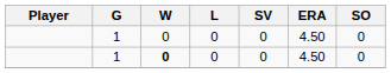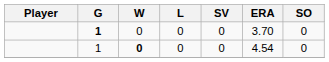 <table class="wikitable sortable">
 <tr>
 <th bgcolor="#DDDDFF" width="16%">Player</th>
 <th bgcolor="#DDDDFF" width="9%">G</th>
 <th bgcolor="#DDDDFF" width="9%">W</th>
 <th bgcolor="#DDDDFF" width="9%">L</th>
 <th bgcolor="#DDDDFF" width="9%">SV</th>
 <th bgcolor="#DDDDFF" width="9%">ERA</th>
 <th bgcolor="#DDDDFF" width="9%">SO</th>
 </tr>
 <tr align="center">
 <td></td>
-<td>1</td>
+<td><strong>1</strong></td>
 <td>0</td>
 <td>0</td>
 <td>0</td>
-<td>4.50</td>
+<td>3.70</td>
 <td>0</td>
 </tr>
 <tr align="center">
 <td></td>
 <td>1</td>
 <td><strong>0</strong></td>
 <td>0</td>
 <td>0</td>
-<td>4.50</td>
+<td>4.54</td>
 <td>0</td>
 </tr>
 <tr align="center">
 </tr>
 </table>
